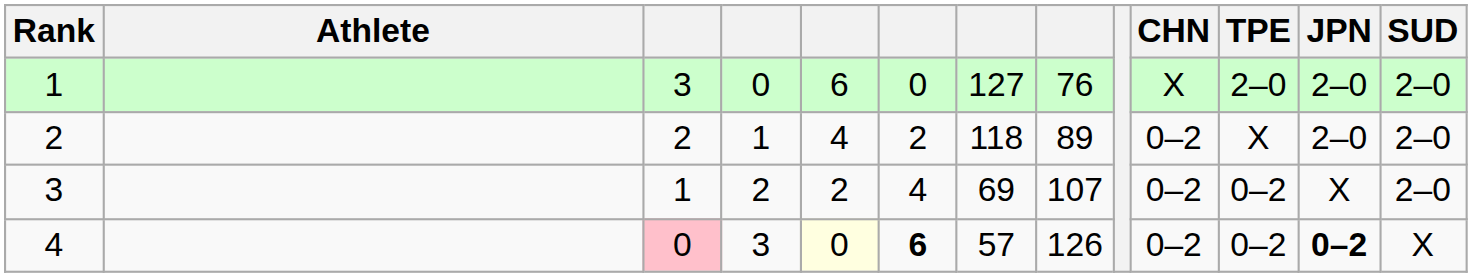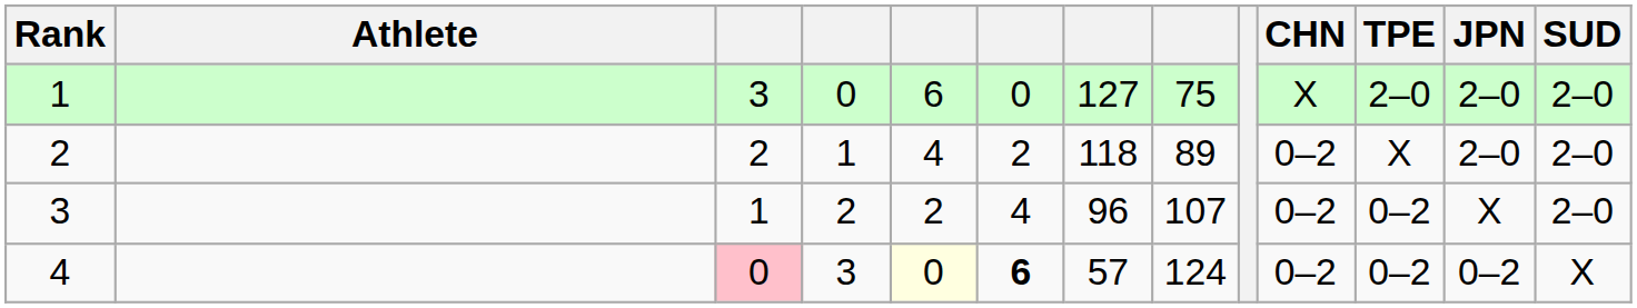 <table class="wikitable" style="text-align:center">
 <tr>
 <th>Rank</th>
 <th width=250>Athlete</th>
 <th width=30></th>
 <th width=30></th>
 <th width=30></th>
 <th width=30></th>
 <th width=30></th>
 <th width=30></th>
 <th rowspan=5></th>
 <th width=30>CHN</th>
 <th width=30>TPE</th>
 <th width=30>JPN</th>
 <th width=30>SUD</th>
 </tr>
 <tr style="background-color:#ccffcc;">
 <td>1</td>
 <td align=left></td>
 <td>3</td>
 <td>0</td>
 <td>6</td>
 <td>0</td>
 <td>127</td>
-<td>76</td>
+<td>75</td>
 <td>X</td>
 <td>2–0</td>
 <td>2–0</td>
 <td>2–0</td>
 </tr>
 <tr>
 <td>2</td>
 <td align=left></td>
 <td>2</td>
 <td>1</td>
 <td>4</td>
 <td>2</td>
 <td>118</td>
 <td>89</td>
 <td>0–2</td>
 <td>X</td>
 <td>2–0</td>
 <td>2–0</td>
 </tr>
 <tr>
 <td>3</td>
 <td align=left></td>
 <td>1</td>
 <td>2</td>
 <td>2</td>
 <td>4</td>
-<td>69</td>
+<td>96</td>
 <td>107</td>
 <td>0–2</td>
 <td>0–2</td>
 <td>X</td>
 <td>2–0</td>
 </tr>
 <tr>
 <td>4</td>
 <td align=left></td>
 <td style="background: pink;">0</td>
 <td>3</td>
 <td style="background: lightyellow;">0</td>
 <td><strong>6</strong></td>
 <td>57</td>
-<td>126</td>
+<td>124</td>
 <td>0–2</td>
 <td>0–2</td>
-<td><strong>0–2</strong></td>
+<td>0–2</td>
 <td>X</td>
 </tr>
 </table>
